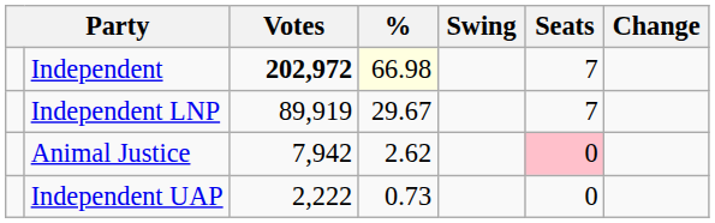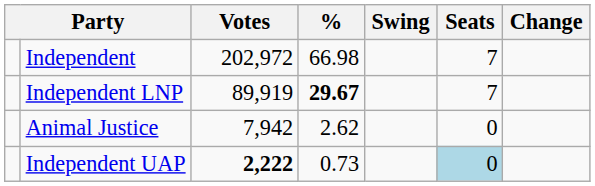 <table class="wikitable" style="text-align:right; margin-bottom:0">
 <tr>
 <th style="width:10px" colspan=3>Party</th>
 <th style="width:70px;">Votes</th>
 <th style="width:40px;">%</th>
 <th style="width:40px;">Swing</th>
 <th style="width:40px;">Seats</th>
 <th style="width:40px;">Change</th>
 </tr>
 <tr>
 <td> </td>
 <td style="text-align:left;" colspan="2"><a href='#'>Independent</a></td>
-<td style="width:70px;"><strong>202,972</strong></td>
-<td style="background: lightyellow; width:40px;">66.98</td>
+<td style="width:70px;">202,972</td>
+<td style="width:40px;">66.98</td>
 <td style="width:45px;"></td>
 <td style="width:40px;">7</td>
 <td style="width:55px;"></td>
 </tr>
 <tr>
 <td> </td>
 <td style="text-align:left;" colspan="2"><a href='#'>Independent LNP</a></td>
 <td style="width:70px;">89,919</td>
-<td style="width:40px;">29.67</td>
+<td style="width:40px;"><strong>29.67</strong></td>
 <td style="width:45px;"></td>
 <td style="width:40px;">7</td>
 <td style="width:55px;"></td>
 </tr>
 <tr>
 <td> </td>
 <td style="text-align:left;" colspan="2"><a href='#'>Animal Justice</a></td>
 <td style="width:70px;">7,942</td>
 <td style="width:40px;">2.62</td>
 <td style="width:45px;"></td>
-<td style="background: pink; width:40px;">0</td>
+<td style="width:40px;">0</td>
 <td style="width:55px;"></td>
 </tr>
 <tr>
 <td> </td>
 <td style="text-align:left;" colspan="2"><a href='#'>Independent UAP</a></td>
-<td style="width:70px;">2,222</td>
+<td style="width:70px;"><strong>2,222</strong></td>
 <td style="width:40px;">0.73</td>
 <td style="width:45px;"></td>
-<td style="width:40px;">0</td>
+<td style="background: lightblue; width:40px;">0</td>
 <td style="width:55px;"></td>
 </tr>
 </table>
